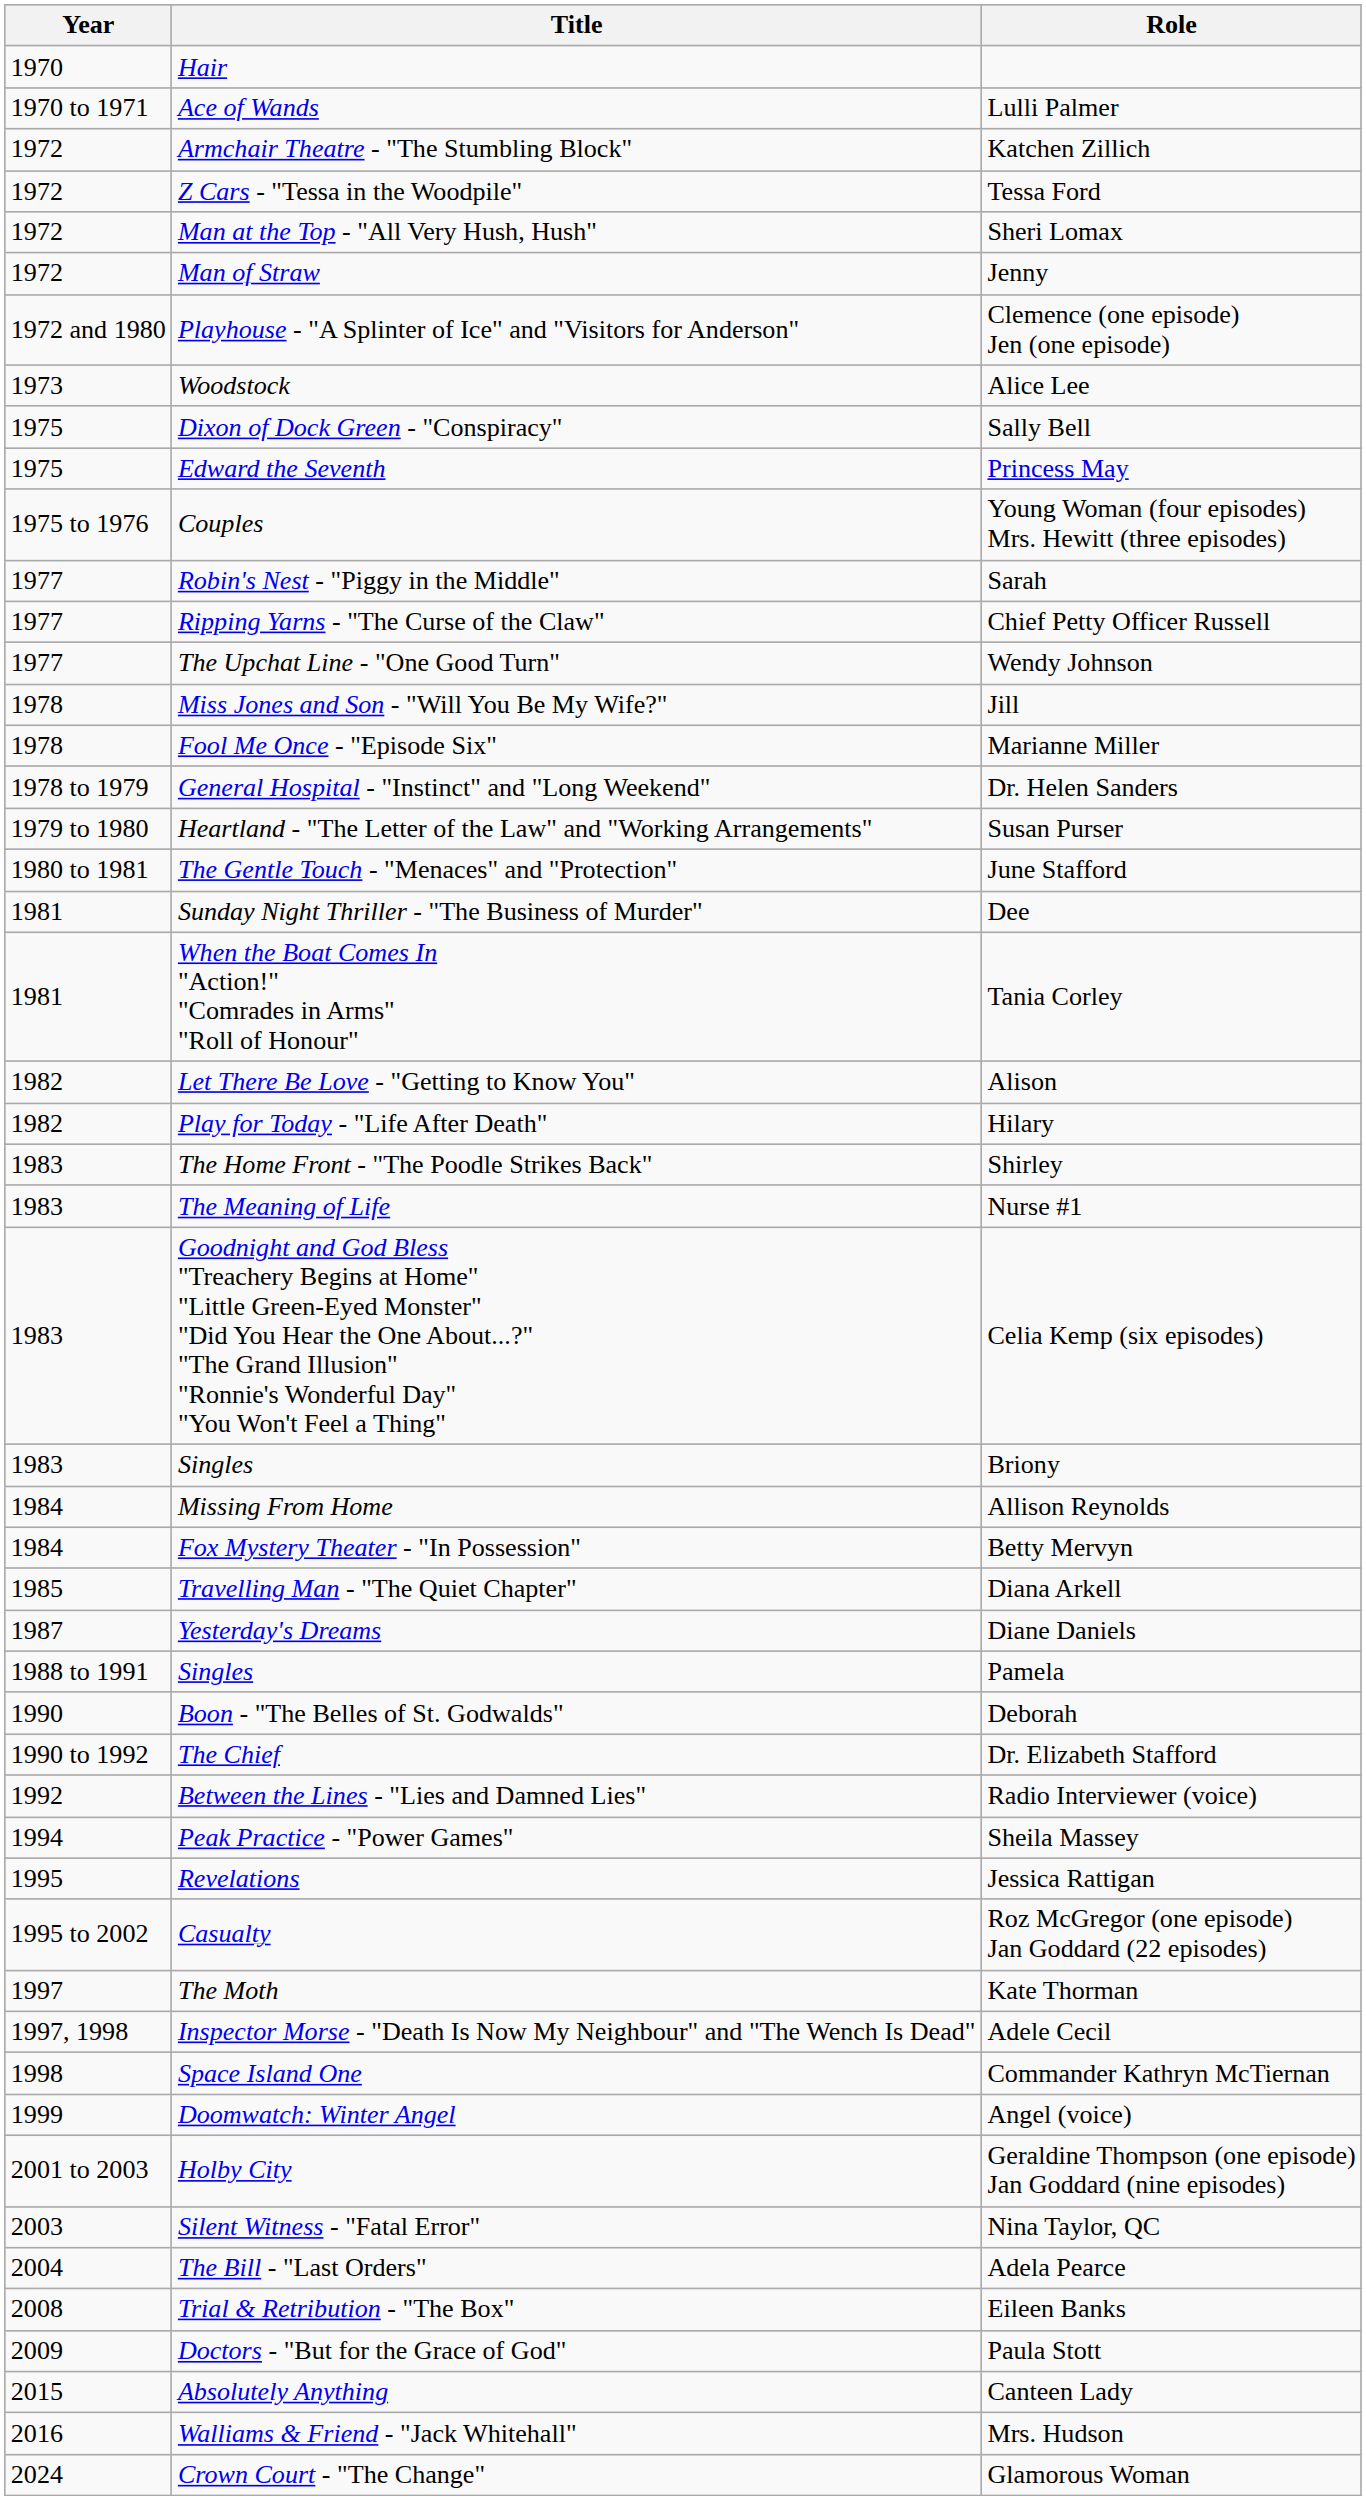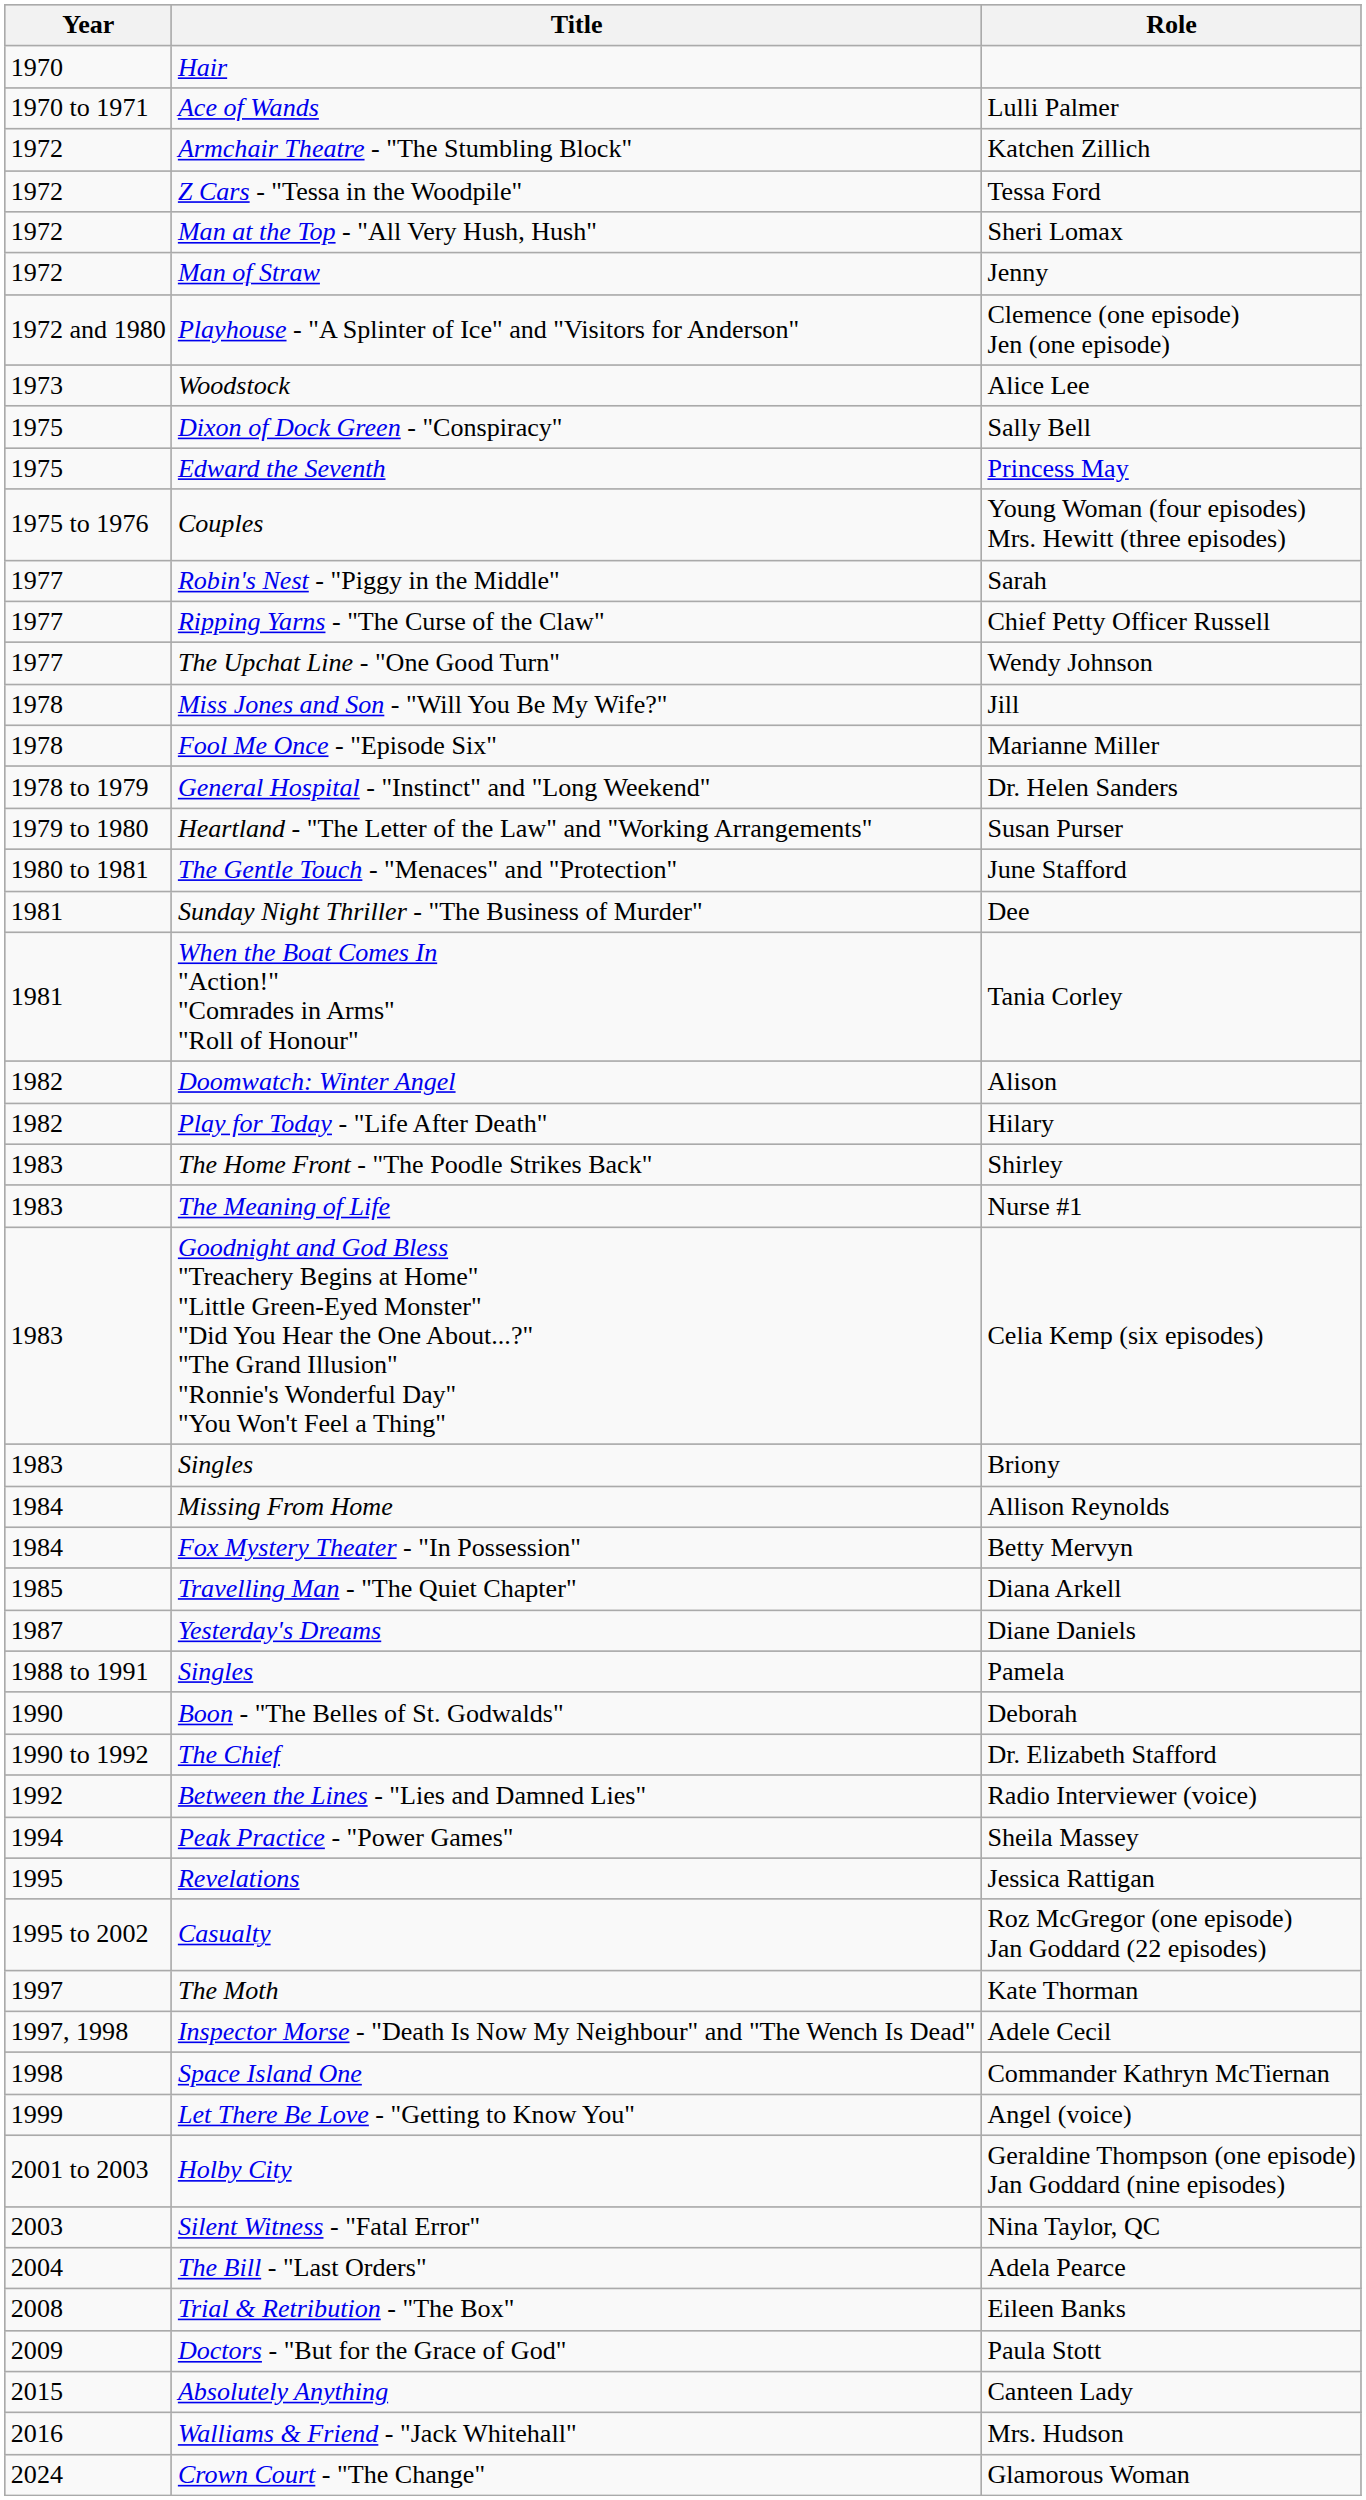 <table class="wikitable">
 <tr>
 <th>Year</th>
 <th>Title</th>
 <th>Role</th>
 </tr>
 <tr>
 <td>1970</td>
 <td><em><a href='#'>Hair</a></em></td>
 <td></td>
 </tr>
 <tr>
 <td>1970 to 1971</td>
 <td><em><a href='#'>Ace of Wands</a></em></td>
 <td>Lulli Palmer</td>
 </tr>
 <tr>
 <td>1972</td>
 <td><em><a href='#'>Armchair Theatre</a></em> - "The Stumbling Block"</td>
 <td>Katchen Zillich</td>
 </tr>
 <tr>
 <td>1972</td>
 <td><em><a href='#'>Z Cars</a></em> - "Tessa in the Woodpile"</td>
 <td>Tessa Ford</td>
 </tr>
 <tr>
 <td>1972</td>
 <td><em><a href='#'>Man at the Top</a></em> - "All Very Hush, Hush"</td>
 <td>Sheri Lomax</td>
 </tr>
 <tr>
 <td>1972</td>
 <td><em><a href='#'>Man of Straw</a></em></td>
 <td>Jenny</td>
 </tr>
 <tr>
 <td>1972 and 1980</td>
 <td><em><a href='#'>Playhouse</a></em> - "A Splinter of Ice" and "Visitors for Anderson"</td>
 <td>Clemence (one episode)<br>Jen (one episode)</td>
 </tr>
 <tr>
 <td>1973</td>
 <td><em>Woodstock</em></td>
 <td>Alice Lee</td>
 </tr>
 <tr>
 <td>1975</td>
 <td><em><a href='#'>Dixon of Dock Green</a></em> - "Conspiracy"</td>
 <td>Sally Bell</td>
 </tr>
 <tr>
 <td>1975</td>
 <td><em><a href='#'>Edward the Seventh</a></em></td>
 <td><a href='#'>Princess May</a></td>
 </tr>
 <tr>
 <td>1975 to 1976</td>
 <td><em>Couples</em></td>
 <td>Young Woman (four episodes)<br>Mrs. Hewitt (three episodes)</td>
 </tr>
 <tr>
 <td>1977</td>
 <td><em><a href='#'>Robin's Nest</a></em> - "Piggy in the Middle"</td>
 <td>Sarah</td>
 </tr>
 <tr>
 <td>1977</td>
 <td><em><a href='#'>Ripping Yarns</a></em> - "The Curse of the Claw"</td>
 <td>Chief Petty Officer Russell</td>
 </tr>
 <tr>
 <td>1977</td>
 <td><em>The Upchat Line</em> - "One Good Turn"</td>
 <td>Wendy Johnson</td>
 </tr>
 <tr>
 <td>1978</td>
 <td><em><a href='#'>Miss Jones and Son</a></em> - "Will You Be My Wife?"</td>
 <td>Jill</td>
 </tr>
 <tr>
 <td>1978</td>
 <td><em><a href='#'>Fool Me Once</a> -</em> "Episode Six"</td>
 <td>Marianne Miller</td>
 </tr>
 <tr>
 <td>1978 to 1979</td>
 <td><em><a href='#'>General Hospital</a></em> - "Instinct" and "Long Weekend"</td>
 <td>Dr. Helen Sanders</td>
 </tr>
 <tr>
 <td>1979 to 1980</td>
 <td><em>Heartland</em> - "The Letter of the Law" and "Working Arrangements"</td>
 <td>Susan Purser</td>
 </tr>
 <tr>
 <td>1980 to 1981</td>
 <td><em><a href='#'>The Gentle Touch</a></em> - "Menaces" and "Protection"</td>
 <td>June Stafford</td>
 </tr>
 <tr>
 <td>1981</td>
 <td><em>Sunday Night Thriller</em> - "The Business of Murder"</td>
 <td>Dee</td>
 </tr>
 <tr>
 <td>1981</td>
 <td><em><a href='#'>When the Boat Comes In</a></em><br>"Action!"<br>"Comrades in Arms"<br>"Roll of Honour"</td>
 <td>Tania Corley</td>
 </tr>
 <tr>
 <td>1982</td>
-<td><em><a href='#'>Let There Be Love</a></em> - "Getting to Know You"</td>
+<td><em><a href='#'>Doomwatch: Winter Angel</a></em></td>
 <td>Alison</td>
 </tr>
 <tr>
 <td>1982</td>
 <td><em><a href='#'>Play for Today</a></em> - "Life After Death"</td>
 <td>Hilary</td>
 </tr>
 <tr>
 <td>1983</td>
 <td><em>The Home Front -</em> "The Poodle Strikes Back"</td>
 <td>Shirley</td>
 </tr>
 <tr>
 <td>1983</td>
 <td><em><a href='#'>The Meaning of Life</a></em></td>
 <td>Nurse #1</td>
 </tr>
 <tr>
 <td>1983</td>
 <td><em><a href='#'>Goodnight and God Bless</a></em><br>"Treachery Begins at Home"<br>"Little Green-Eyed Monster"<br>"Did You Hear the One About...?"<br>"The Grand Illusion"<br>"Ronnie's Wonderful Day"<br>"You Won't Feel a Thing"</td>
 <td>Celia Kemp (six episodes)</td>
 </tr>
 <tr>
 <td>1983</td>
 <td><em>Singles</em></td>
 <td>Briony</td>
 </tr>
 <tr>
 <td>1984</td>
 <td><em>Missing From Home</em></td>
 <td>Allison Reynolds</td>
 </tr>
 <tr>
 <td>1984</td>
 <td><a href='#'><em>Fox Mystery Theater</em></a> - "In Possession"</td>
 <td>Betty Mervyn</td>
 </tr>
 <tr>
 <td>1985</td>
 <td><em><a href='#'>Travelling Man</a></em> - "The Quiet Chapter"</td>
 <td>Diana Arkell</td>
 </tr>
 <tr>
 <td>1987</td>
 <td><em><a href='#'>Yesterday's Dreams</a></em></td>
 <td>Diane Daniels</td>
 </tr>
 <tr>
 <td>1988 to 1991</td>
 <td><em><a href='#'>Singles</a></em></td>
 <td>Pamela</td>
 </tr>
 <tr>
 <td>1990</td>
 <td><a href='#'><em>Boon</em></a> - "The Belles of St. Godwalds"</td>
 <td>Deborah</td>
 </tr>
 <tr>
 <td>1990 to 1992</td>
 <td><em><a href='#'>The Chief</a></em></td>
 <td>Dr. Elizabeth Stafford</td>
 </tr>
 <tr>
 <td>1992</td>
 <td><em><a href='#'>Between the Lines</a></em> - "Lies and Damned Lies"</td>
 <td>Radio Interviewer (voice)</td>
 </tr>
 <tr>
 <td>1994</td>
 <td><em><a href='#'>Peak Practice</a></em> - "Power Games"</td>
 <td>Sheila Massey</td>
 </tr>
 <tr>
 <td>1995</td>
 <td><em><a href='#'>Revelations</a></em></td>
 <td>Jessica Rattigan</td>
 </tr>
 <tr>
 <td>1995 to 2002</td>
 <td><em><a href='#'>Casualty</a></em></td>
 <td>Roz McGregor (one episode)<br>Jan Goddard (22 episodes)</td>
 </tr>
 <tr>
 <td>1997</td>
 <td><em>The Moth</em></td>
 <td>Kate Thorman</td>
 </tr>
 <tr>
 <td>1997, 1998</td>
 <td><em><a href='#'>Inspector Morse</a></em> - "Death Is Now My Neighbour" and "The Wench Is Dead"</td>
 <td>Adele Cecil</td>
 </tr>
 <tr>
 <td>1998</td>
 <td><em><a href='#'>Space Island One</a></em></td>
 <td>Commander Kathryn McTiernan</td>
 </tr>
 <tr>
 <td>1999</td>
-<td><em><a href='#'>Doomwatch: Winter Angel</a></em></td>
+<td><em><a href='#'>Let There Be Love</a></em> - "Getting to Know You"</td>
 <td>Angel (voice)</td>
 </tr>
 <tr>
 <td>2001 to 2003</td>
 <td><em><a href='#'>Holby City</a></em></td>
 <td>Geraldine Thompson (one episode)<br>Jan Goddard (nine episodes)</td>
 </tr>
 <tr>
 <td>2003</td>
 <td><em><a href='#'>Silent Witness</a></em> - "Fatal Error"</td>
 <td>Nina Taylor, QC</td>
 </tr>
 <tr>
 <td>2004</td>
 <td><em><a href='#'>The Bill</a> -</em> "Last Orders"</td>
 <td>Adela Pearce</td>
 </tr>
 <tr>
 <td>2008</td>
 <td><em><a href='#'>Trial & Retribution</a></em> - "The Box"</td>
 <td>Eileen Banks</td>
 </tr>
 <tr>
 <td>2009</td>
 <td><em><a href='#'>Doctors</a></em> - "But for the Grace of God"</td>
 <td>Paula Stott</td>
 </tr>
 <tr>
 <td>2015</td>
 <td><em><a href='#'>Absolutely Anything</a></em></td>
 <td>Canteen Lady</td>
 </tr>
 <tr>
 <td>2016</td>
 <td><em><a href='#'>Walliams & Friend</a></em> - "Jack Whitehall"</td>
 <td>Mrs. Hudson</td>
 </tr>
 <tr>
 <td>2024</td>
 <td><em><a href='#'>Crown Court</a></em> - "The Change"</td>
 <td>Glamorous Woman</td>
 </tr>
 </table>
